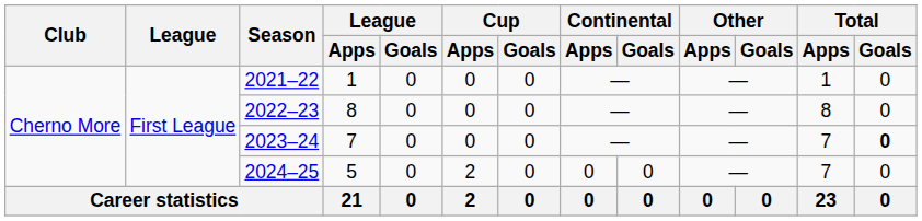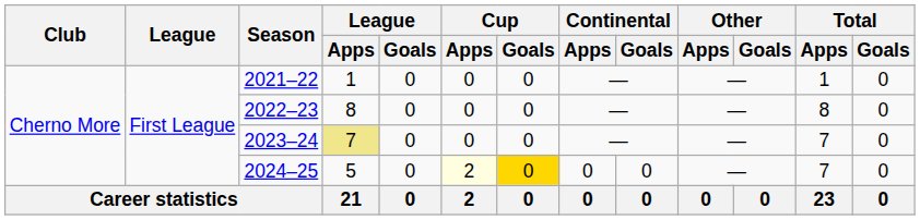 <table class="wikitable" style="font-size:90%; text-align: center">
 <tr>
 <th rowspan=2>Club</th>
 <th rowspan=2>League</th>
 <th rowspan=2>Season</th>
 <th colspan=2>League</th>
 <th colspan=2>Cup</th>
 <th colspan=2>Continental</th>
 <th colspan=2>Other</th>
 <th colspan=2>Total</th>
 </tr>
 <tr>
 <th>Apps</th>
 <th>Goals</th>
 <th>Apps</th>
 <th>Goals</th>
 <th>Apps</th>
 <th>Goals</th>
 <th>Apps</th>
 <th>Goals</th>
 <th>Apps</th>
 <th>Goals</th>
 </tr>
 <tr>
 <td rowspan=4 valign="center"><a href='#'>Cherno More</a></td>
 <td rowspan="4"><a href='#'>First League</a></td>
 <td><a href='#'>2021–22</a></td>
 <td>1</td>
 <td>0</td>
 <td>0</td>
 <td>0</td>
 <td colspan="2">—</td>
 <td colspan="2">—</td>
 <td>1</td>
 <td>0</td>
 </tr>
 <tr>
 <td><a href='#'>2022–23</a></td>
 <td>8</td>
 <td>0</td>
 <td>0</td>
 <td>0</td>
 <td colspan="2">—</td>
 <td colspan="2">—</td>
 <td>8</td>
 <td>0</td>
 </tr>
 <tr>
 <td><a href='#'>2023–24</a></td>
-<td>7</td>
+<td style="background: khaki;">7</td>
 <td>0</td>
 <td>0</td>
 <td>0</td>
 <td colspan="2">—</td>
 <td colspan="2">—</td>
 <td>7</td>
-<td><strong>0</strong></td>
+<td>0</td>
 </tr>
 <tr>
 <td><a href='#'>2024–25</a></td>
 <td>5</td>
 <td>0</td>
-<td>2</td>
-<td>0</td>
+<td style="background: lightyellow;">2</td>
+<td style="background: gold;">0</td>
 <td>0</td>
 <td>0</td>
 <td colspan="2">—</td>
 <td>7</td>
 <td>0</td>
 </tr>
 <tr>
 <th colspan=3>Career statistics</th>
 <th>21</th>
 <th>0</th>
 <th>2</th>
 <th>0</th>
 <th>0</th>
 <th>0</th>
 <th>0</th>
 <th>0</th>
 <th>23</th>
 <th>0</th>
 </tr>
 </table>
